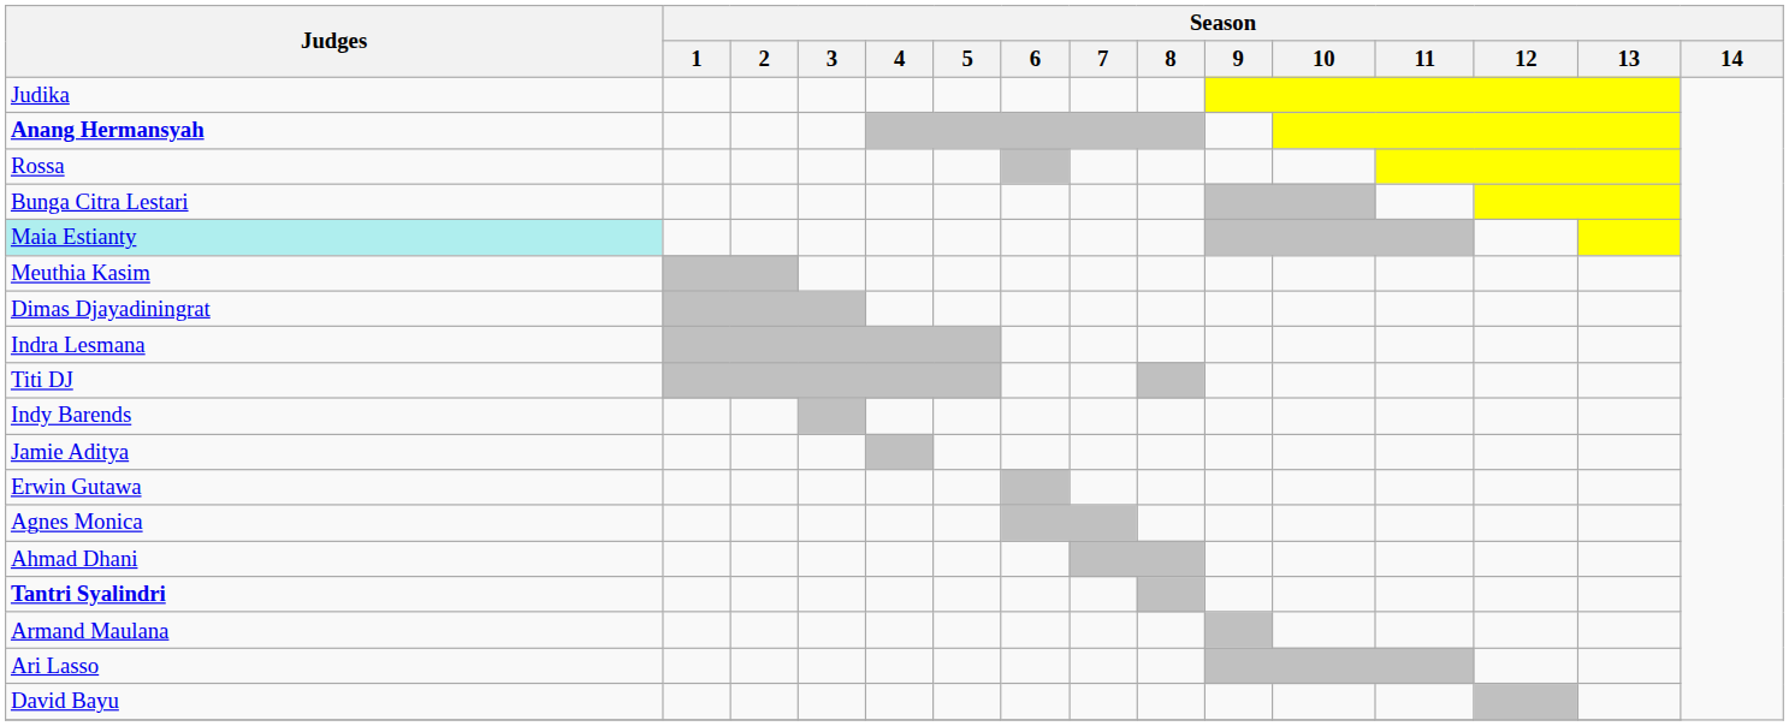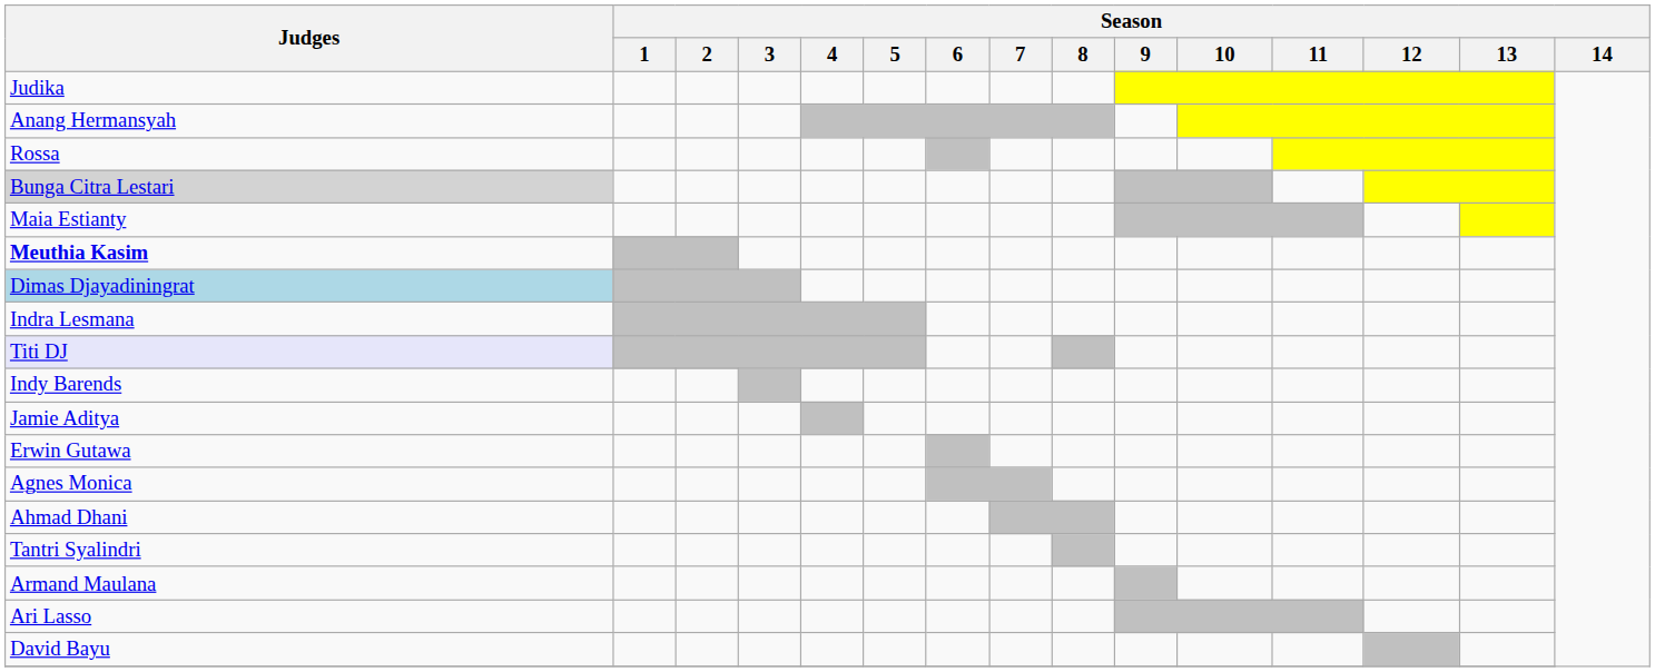 <table class="wikitable"; width="100%">
 <tr>
 <th rowspan="2">Judges</th>
 <th colspan="14">Season</th>
 </tr>
 <tr>
 <th>1</th>
 <th>2</th>
 <th>3</th>
 <th>4</th>
 <th>5</th>
 <th>6</th>
 <th>7</th>
 <th>8</th>
 <th>9</th>
 <th>10</th>
 <th>11</th>
 <th>12</th>
 <th>13</th>
 <th>14</th>
 </tr>
 <tr>
 <td><a href='#'>Judika</a></td>
 <td></td>
 <td></td>
 <td></td>
 <td></td>
 <td></td>
 <td></td>
 <td></td>
 <td></td>
 <td colspan="5" style="text-align:center; background:yellow;"></td>
 </tr>
 <tr>
-<td><strong><a href='#'>Anang Hermansyah</a></strong></td>
+<td><a href='#'>Anang Hermansyah</a></td>
 <td></td>
 <td></td>
 <td></td>
 <td colspan="5" style="text-align:center; background:silver;"></td>
 <td></td>
 <td colspan="4" style="text-align:center; background:yellow;"></td>
 </tr>
 <tr>
 <td><a href='#'>Rossa</a></td>
 <td></td>
 <td></td>
 <td></td>
 <td></td>
 <td></td>
 <td style="text-align:center; background:silver;"></td>
 <td></td>
 <td></td>
 <td></td>
 <td></td>
 <td colspan="3" style="text-align:center; background:yellow;"></td>
 </tr>
 <tr>
-<td><a href='#'>Bunga Citra Lestari</a></td>
+<td style="background: lightgrey;"><a href='#'>Bunga Citra Lestari</a></td>
 <td></td>
 <td></td>
 <td></td>
 <td></td>
 <td></td>
 <td></td>
 <td></td>
 <td></td>
 <td colspan="2" style="text-align:center; background:silver;"></td>
 <td></td>
 <td colspan ="2" style="text-align:center; background:yellow;"></td>
 </tr>
 <tr>
-<td style="background: paleturquoise;"><a href='#'>Maia Estianty</a></td>
+<td><a href='#'>Maia Estianty</a></td>
 <td></td>
 <td></td>
 <td></td>
 <td></td>
 <td></td>
 <td></td>
 <td></td>
 <td></td>
 <td colspan="3" style="text-align:center; background:silver;"></td>
 <td></td>
 <td style="text-align:center; background:yellow;"></td>
 </tr>
 <tr>
-<td><a href='#'>Meuthia Kasim</a></td>
+<td><strong><a href='#'>Meuthia Kasim</a></strong></td>
 <td colspan="2" style="text-align:center; background:silver;"></td>
 <td></td>
 <td></td>
 <td></td>
 <td></td>
 <td></td>
 <td></td>
 <td></td>
 <td></td>
 <td></td>
 <td></td>
 <td></td>
 </tr>
 <tr>
-<td><a href='#'>Dimas Djayadiningrat</a></td>
+<td style="background: lightblue;"><a href='#'>Dimas Djayadiningrat</a></td>
 <td colspan="3" style="text-align:center; background:silver;"></td>
 <td></td>
 <td></td>
 <td></td>
 <td></td>
 <td></td>
 <td></td>
 <td></td>
 <td></td>
 <td></td>
 <td></td>
 </tr>
 <tr>
 <td><a href='#'>Indra Lesmana</a></td>
 <td colspan="5" style="text-align:center; background:silver;"></td>
 <td></td>
 <td></td>
 <td></td>
 <td></td>
 <td></td>
 <td></td>
 <td></td>
 <td></td>
 </tr>
 <tr>
-<td><a href='#'>Titi DJ</a></td>
+<td style="background: lavender;"><a href='#'>Titi DJ</a></td>
 <td colspan="5" style="text-align:center; background:silver;"></td>
 <td></td>
 <td></td>
 <td colspan="1" style="text-align:center; background:silver;"></td>
 <td></td>
 <td></td>
 <td></td>
 <td></td>
 <td></td>
 </tr>
 <tr>
 <td><a href='#'>Indy Barends</a></td>
 <td></td>
 <td></td>
 <td style="text-align:center; background:silver;"></td>
 <td></td>
 <td></td>
 <td></td>
 <td></td>
 <td></td>
 <td></td>
 <td></td>
 <td></td>
 <td></td>
 <td></td>
 </tr>
 <tr>
 <td><a href='#'>Jamie Aditya</a></td>
 <td></td>
 <td></td>
 <td></td>
 <td style="text-align:center; background:silver;"></td>
 <td></td>
 <td></td>
 <td></td>
 <td></td>
 <td></td>
 <td></td>
 <td></td>
 <td></td>
 <td></td>
 </tr>
 <tr>
 <td><a href='#'>Erwin Gutawa</a></td>
 <td></td>
 <td></td>
 <td></td>
 <td></td>
 <td></td>
 <td style="text-align:center; background:silver;"></td>
 <td></td>
 <td></td>
 <td></td>
 <td></td>
 <td></td>
 <td></td>
 <td></td>
 </tr>
 <tr>
 <td><a href='#'>Agnes Monica</a></td>
 <td></td>
 <td></td>
 <td></td>
 <td></td>
 <td></td>
 <td colspan="2" style="text-align:center; background:silver;"></td>
 <td></td>
 <td></td>
 <td></td>
 <td></td>
 <td></td>
 <td></td>
 </tr>
 <tr>
 <td><a href='#'>Ahmad Dhani</a></td>
 <td></td>
 <td></td>
 <td></td>
 <td></td>
 <td></td>
 <td></td>
 <td colspan="2" style="text-align:center; background:silver;"></td>
 <td></td>
 <td></td>
 <td></td>
 <td></td>
 <td></td>
 </tr>
 <tr>
-<td><strong><a href='#'>Tantri Syalindri</a></strong></td>
+<td><a href='#'>Tantri Syalindri</a></td>
 <td></td>
 <td></td>
 <td></td>
 <td></td>
 <td></td>
 <td></td>
 <td></td>
 <td colspan="1" style="text-align:center; background:silver;"></td>
 <td></td>
 <td></td>
 <td></td>
 <td></td>
 <td></td>
 </tr>
 <tr>
 <td><a href='#'>Armand Maulana</a></td>
 <td></td>
 <td></td>
 <td></td>
 <td></td>
 <td></td>
 <td></td>
 <td></td>
 <td></td>
 <td style="text-align:center; background:silver;"></td>
 <td></td>
 <td></td>
 <td></td>
 <td></td>
 </tr>
 <tr>
 <td><a href='#'>Ari Lasso</a></td>
 <td></td>
 <td></td>
 <td></td>
 <td></td>
 <td></td>
 <td></td>
 <td></td>
 <td></td>
 <td colspan="3" style="text-align:center; background:silver;"></td>
 <td></td>
 <td></td>
 </tr>
 <tr>
 <td><a href='#'>David Bayu</a></td>
 <td></td>
 <td></td>
 <td></td>
 <td></td>
 <td></td>
 <td></td>
 <td></td>
 <td></td>
 <td></td>
 <td></td>
 <td></td>
 <td style="text-align:center; background:silver;"></td>
 <td></td>
 </tr>
 <tr>
 </tr>
 </table>
